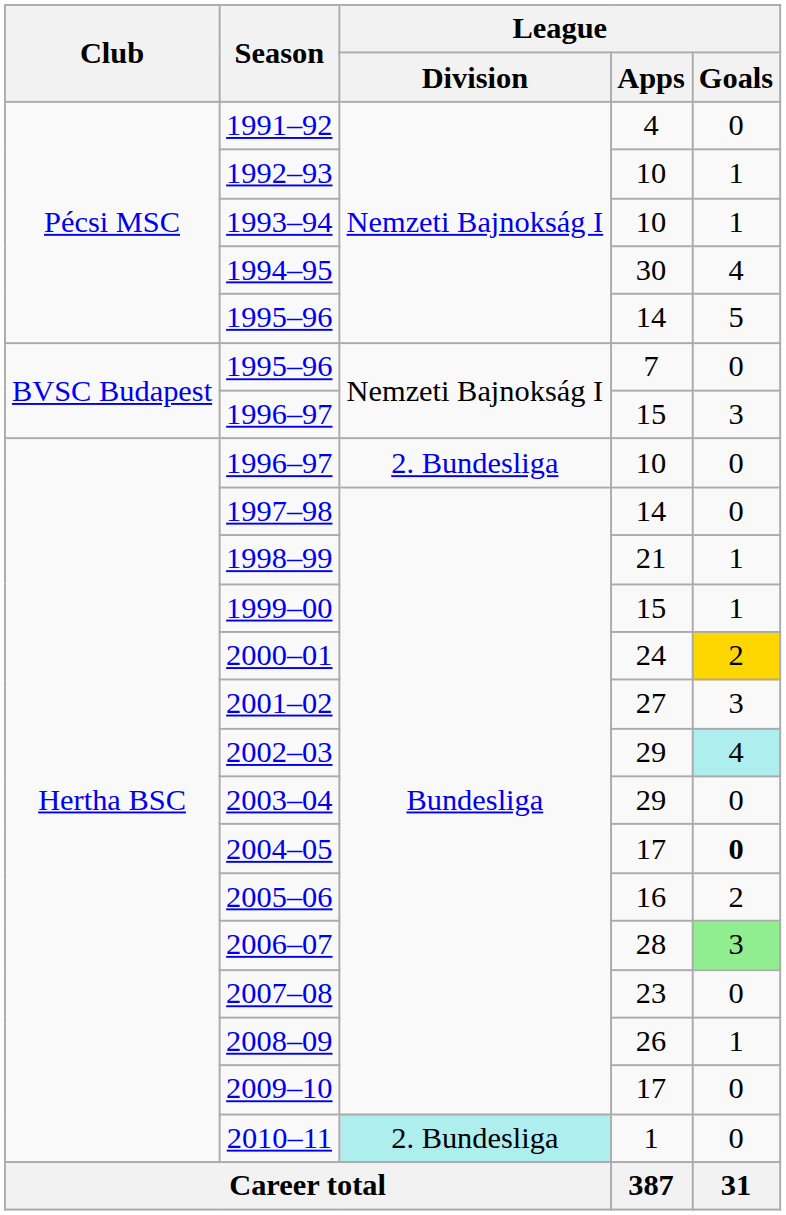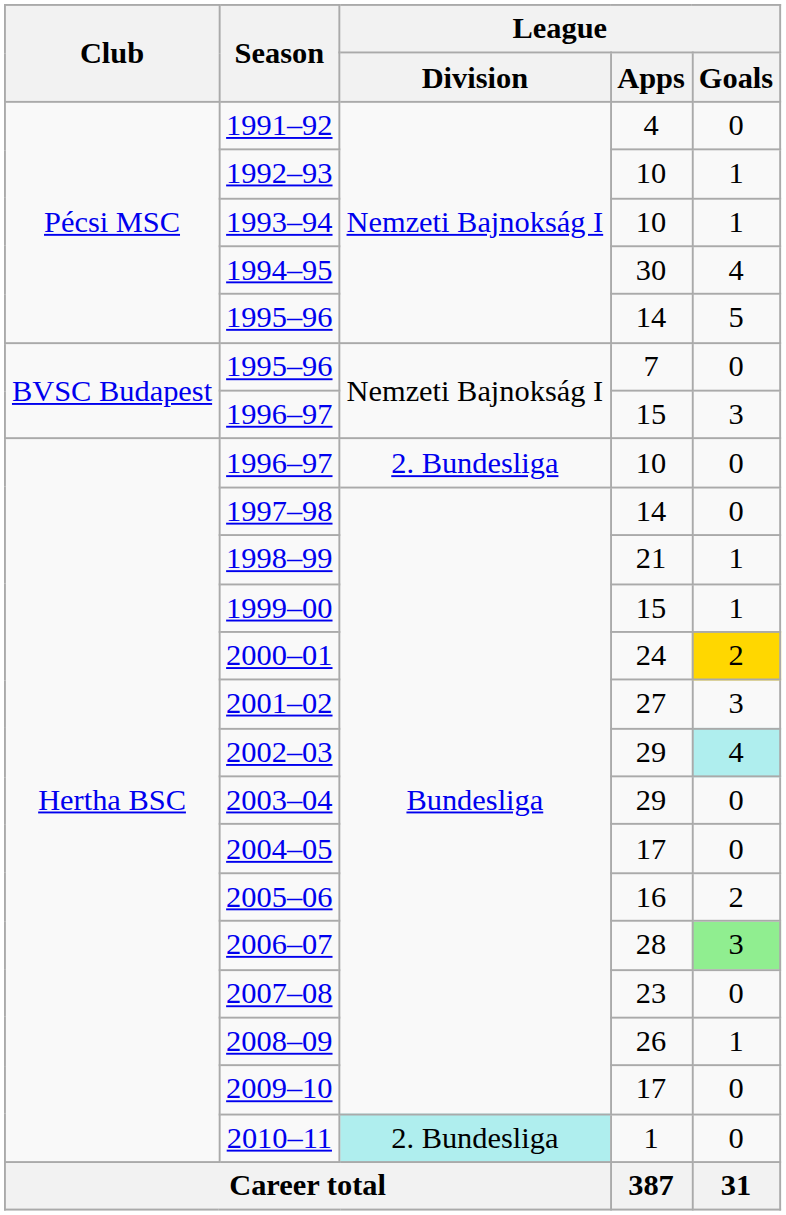 <table class="wikitable" style="text-align:center">
 <tr>
 <th rowspan="2">Club</th>
 <th rowspan="2">Season</th>
 <th colspan="3">League</th>
 </tr>
 <tr>
 <th>Division</th>
 <th>Apps</th>
 <th>Goals</th>
 </tr>
 <tr>
 <td rowspan="5"><a href='#'>Pécsi MSC</a></td>
 <td><a href='#'>1991–92</a></td>
 <td rowspan="5"><a href='#'>Nemzeti Bajnokság I</a></td>
 <td>4</td>
 <td>0</td>
 </tr>
 <tr>
 <td><a href='#'>1992–93</a></td>
 <td>10</td>
 <td>1</td>
 </tr>
 <tr>
 <td><a href='#'>1993–94</a></td>
 <td>10</td>
 <td>1</td>
 </tr>
 <tr>
 <td><a href='#'>1994–95</a></td>
 <td>30</td>
 <td>4</td>
 </tr>
 <tr>
 <td><a href='#'>1995–96</a></td>
 <td>14</td>
 <td>5</td>
 </tr>
 <tr>
 <td rowspan="2"><a href='#'>BVSC Budapest</a></td>
 <td><a href='#'>1995–96</a></td>
 <td rowspan="2">Nemzeti Bajnokság I</td>
 <td>7</td>
 <td>0</td>
 </tr>
 <tr>
 <td><a href='#'>1996–97</a></td>
 <td>15</td>
 <td>3</td>
 </tr>
 <tr>
 <td rowspan="15"><a href='#'>Hertha BSC</a></td>
 <td><a href='#'>1996–97</a></td>
 <td><a href='#'>2. Bundesliga</a></td>
 <td>10</td>
 <td>0</td>
 </tr>
 <tr>
 <td><a href='#'>1997–98</a></td>
 <td rowspan="13"><a href='#'>Bundesliga</a></td>
 <td>14</td>
 <td>0</td>
 </tr>
 <tr>
 <td><a href='#'>1998–99</a></td>
 <td>21</td>
 <td>1</td>
 </tr>
 <tr>
 <td><a href='#'>1999–00</a></td>
 <td>15</td>
 <td>1</td>
 </tr>
 <tr>
 <td><a href='#'>2000–01</a></td>
 <td>24</td>
 <td style="background: gold;">2</td>
 </tr>
 <tr>
 <td><a href='#'>2001–02</a></td>
 <td>27</td>
 <td>3</td>
 </tr>
 <tr>
 <td><a href='#'>2002–03</a></td>
 <td>29</td>
 <td style="background: paleturquoise;">4</td>
 </tr>
 <tr>
 <td><a href='#'>2003–04</a></td>
 <td>29</td>
 <td>0</td>
 </tr>
 <tr>
 <td><a href='#'>2004–05</a></td>
 <td>17</td>
-<td><strong>0</strong></td>
+<td>0</td>
 </tr>
 <tr>
 <td><a href='#'>2005–06</a></td>
 <td>16</td>
 <td>2</td>
 </tr>
 <tr>
 <td><a href='#'>2006–07</a></td>
 <td>28</td>
 <td style="background: lightgreen;">3</td>
 </tr>
 <tr>
 <td><a href='#'>2007–08</a></td>
 <td>23</td>
 <td>0</td>
 </tr>
 <tr>
 <td><a href='#'>2008–09</a></td>
 <td>26</td>
 <td>1</td>
 </tr>
 <tr>
 <td><a href='#'>2009–10</a></td>
 <td>17</td>
 <td>0</td>
 </tr>
 <tr>
 <td><a href='#'>2010–11</a></td>
 <td style="background: paleturquoise;">2. Bundesliga</td>
 <td>1</td>
 <td>0</td>
 </tr>
 <tr>
 <th colspan="3">Career total</th>
 <th>387</th>
 <th>31</th>
 </tr>
 </table>
